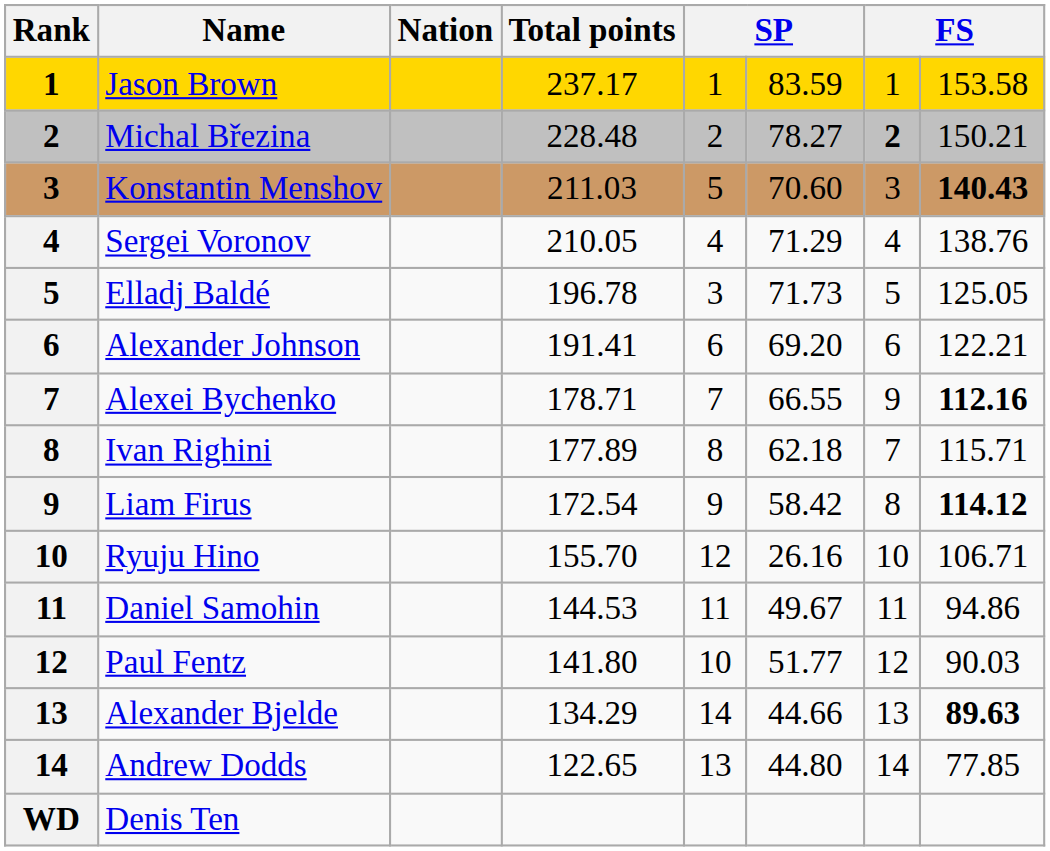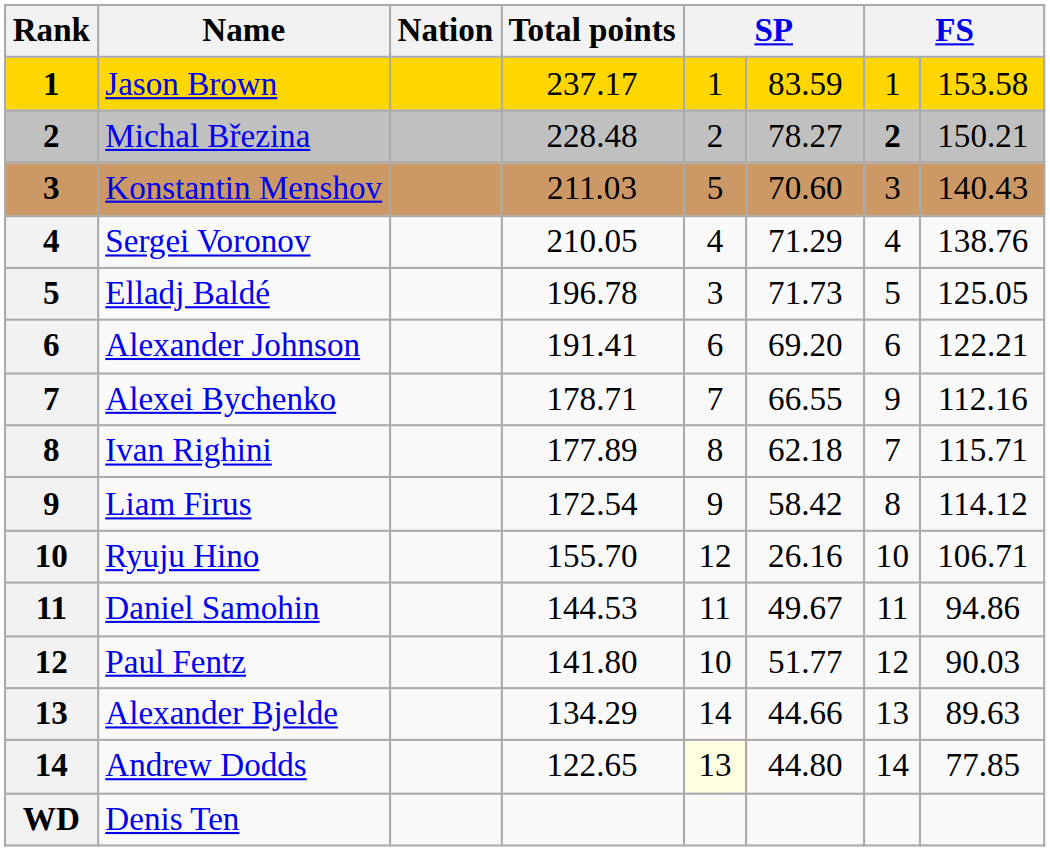 <table class="wikitable sortable">
 <tr>
 <th>Rank</th>
 <th>Name</th>
 <th>Nation</th>
 <th>Total points</th>
 <th colspan="2" width="80px"><a href='#'>SP</a></th>
 <th colspan="2" width="80px"><a href='#'>FS</a></th>
 </tr>
 <tr bgcolor="gold">
 <td align="center"><strong>1</strong></td>
 <td><a href='#'>Jason Brown</a></td>
 <td></td>
 <td align="center">237.17</td>
 <td align="center">1</td>
 <td align="center">83.59</td>
 <td align="center">1</td>
 <td align="center">153.58</td>
 </tr>
 <tr bgcolor="silver">
 <td align="center"><strong>2</strong></td>
 <td><a href='#'>Michal Březina</a></td>
 <td></td>
 <td align="center">228.48</td>
 <td align="center">2</td>
 <td align="center">78.27</td>
 <td align="center"><strong>2</strong></td>
 <td align="center">150.21</td>
 </tr>
 <tr bgcolor="cc9966">
 <td align="center"><strong>3</strong></td>
 <td><a href='#'>Konstantin Menshov</a></td>
 <td></td>
 <td align="center">211.03</td>
 <td align="center">5</td>
 <td align="center">70.60</td>
 <td align="center">3</td>
-<td align="center"><strong>140.43</strong></td>
+<td align="center">140.43</td>
 </tr>
 <tr>
 <th>4</th>
 <td><a href='#'>Sergei Voronov</a></td>
 <td></td>
 <td align="center">210.05</td>
 <td align="center">4</td>
 <td align="center">71.29</td>
 <td align="center">4</td>
 <td align="center">138.76</td>
 </tr>
 <tr>
 <th>5</th>
 <td><a href='#'>Elladj Baldé</a></td>
 <td></td>
 <td align="center">196.78</td>
 <td align="center">3</td>
 <td align="center">71.73</td>
 <td align="center">5</td>
 <td align="center">125.05</td>
 </tr>
 <tr>
 <th>6</th>
 <td><a href='#'>Alexander Johnson</a></td>
 <td></td>
 <td align="center">191.41</td>
 <td align="center">6</td>
 <td align="center">69.20</td>
 <td align="center">6</td>
 <td align="center">122.21</td>
 </tr>
 <tr>
 <th>7</th>
 <td><a href='#'>Alexei Bychenko</a></td>
 <td></td>
 <td align="center">178.71</td>
 <td align="center">7</td>
 <td align="center">66.55</td>
 <td align="center">9</td>
-<td align="center"><strong>112.16</strong></td>
+<td align="center">112.16</td>
 </tr>
 <tr>
 <th>8</th>
 <td><a href='#'>Ivan Righini</a></td>
 <td></td>
 <td align="center">177.89</td>
 <td align="center">8</td>
 <td align="center">62.18</td>
 <td align="center">7</td>
 <td align="center">115.71</td>
 </tr>
 <tr>
 <th>9</th>
 <td><a href='#'>Liam Firus</a></td>
 <td></td>
 <td align="center">172.54</td>
 <td align="center">9</td>
 <td align="center">58.42</td>
 <td align="center">8</td>
-<td align="center"><strong>114.12</strong></td>
+<td align="center">114.12</td>
 </tr>
 <tr>
 <th>10</th>
 <td><a href='#'>Ryuju Hino</a></td>
 <td></td>
 <td align="center">155.70</td>
 <td align="center">12</td>
 <td align="center">26.16</td>
 <td align="center">10</td>
 <td align="center">106.71</td>
 </tr>
 <tr>
 <th>11</th>
 <td><a href='#'>Daniel Samohin</a></td>
 <td></td>
 <td align="center">144.53</td>
 <td align="center">11</td>
 <td align="center">49.67</td>
 <td align="center">11</td>
 <td align="center">94.86</td>
 </tr>
 <tr>
 <th>12</th>
 <td><a href='#'>Paul Fentz</a></td>
 <td></td>
 <td align="center">141.80</td>
 <td align="center">10</td>
 <td align="center">51.77</td>
 <td align="center">12</td>
 <td align="center">90.03</td>
 </tr>
 <tr>
 <th>13</th>
 <td><a href='#'>Alexander Bjelde</a></td>
 <td></td>
 <td align="center">134.29</td>
 <td align="center">14</td>
 <td align="center">44.66</td>
 <td align="center">13</td>
-<td align="center"><strong>89.63</strong></td>
+<td align="center">89.63</td>
 </tr>
 <tr>
 <th>14</th>
 <td><a href='#'>Andrew Dodds</a></td>
 <td></td>
 <td align="center">122.65</td>
-<td align="center">13</td>
+<td align="center" style="background: lightyellow;">13</td>
 <td align="center">44.80</td>
 <td align="center">14</td>
 <td align="center">77.85</td>
 </tr>
 <tr>
 <th>WD</th>
 <td><a href='#'>Denis Ten</a></td>
 <td></td>
 <td align="center"></td>
 <td align="center"></td>
 <td align="center"></td>
 <td align="center"></td>
 <td align="center"></td>
 </tr>
 </table>
